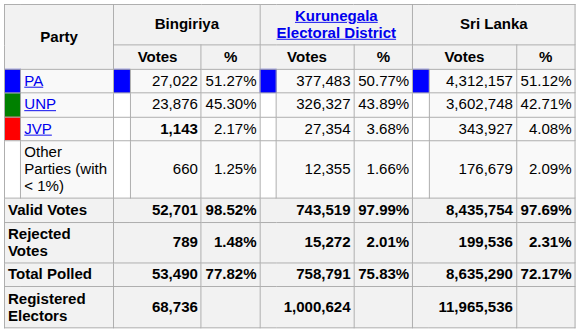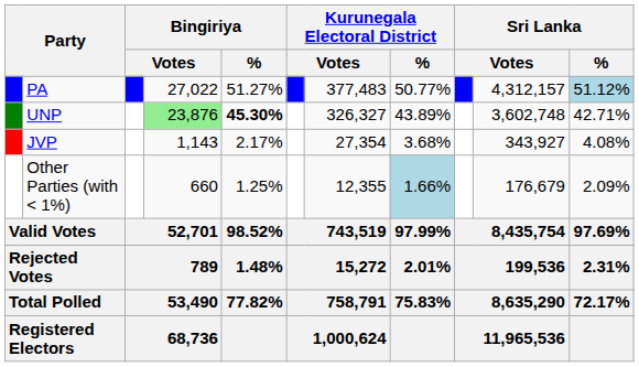 <table class="wikitable">
 <tr>
 <th colspan="2" width="144px"rowspan="2">Party</th>
 <th colspan="3" width="216px">Bingiriya</th>
 <th colspan="3" width="216px"><a href='#'>Kurunegala Electoral District</a></th>
 <th colspan="3" width="216px">Sri Lanka</th>
 </tr>
 <tr>
 <th colspan="2" width="144px">Votes</th>
 <th>%</th>
 <th colspan="2" width="144px">Votes</th>
 <th>%</th>
 <th colspan="2" width="144px">Votes</th>
 <th>%</th>
 </tr>
 <tr>
 <td style="background-color:blue;" width="10px"></td>
 <td style="text-align:left;"><a href='#'>PA</a></td>
 <td style="background-color:blue;" width="10px"></td>
 <td style="text-align:right;">27,022</td>
 <td style="text-align:right;">51.27%</td>
 <td style="background-color:blue;" width="10px"></td>
 <td style="text-align:right;">377,483</td>
 <td style="text-align:right;">50.77%</td>
 <td style="background-color:blue;" width="10px"></td>
 <td style="text-align:right;">4,312,157</td>
-<td style="text-align:right;">51.12%</td>
+<td style="background: lightblue; text-align:right;">51.12%</td>
 </tr>
 <tr>
 <td style="background-color:green;" width="10px"></td>
 <td style="text-align:left;"><a href='#'>UNP</a></td>
 <td style="background-color:white;" width="10px"></td>
-<td style="text-align:right;">23,876</td>
-<td style="text-align:right;">45.30%</td>
+<td style="background: lightgreen; text-align:right;">23,876</td>
+<td style="text-align:right;"><strong>45.30%</strong></td>
 <td style="background-color:white;" width="10px"></td>
 <td style="text-align:right;">326,327</td>
 <td style="text-align:right;">43.89%</td>
 <td style="background-color:white;" width="10px"></td>
 <td style="text-align:right;">3,602,748</td>
 <td style="text-align:right;">42.71%</td>
 </tr>
 <tr>
 <td style="background-color:red;" width="10px"></td>
 <td style="text-align:left;"><a href='#'>JVP</a></td>
 <td style="background-color:white;" width="10px"></td>
-<td style="text-align:right;"><strong>1,143</strong></td>
+<td style="text-align:right;">1,143</td>
 <td style="text-align:right;">2.17%</td>
 <td style="background-color:white;" width="10px"></td>
 <td style="text-align:right;">27,354</td>
 <td style="text-align:right;">3.68%</td>
 <td style="background-color:white;" width="10px"></td>
 <td style="text-align:right;">343,927</td>
 <td style="text-align:right;">4.08%</td>
 </tr>
 <tr>
 <td style="background-color:white;" width="10px"></td>
 <td style="text-align:left;">Other Parties (with < 1%)</td>
 <td style="background-color:white;" width="10px"></td>
 <td style="text-align:right;">660</td>
 <td style="text-align:right;">1.25%</td>
 <td style="background-color:white;" width="10px"></td>
 <td style="text-align:right;">12,355</td>
-<td style="text-align:right;">1.66%</td>
+<td style="background: lightblue; text-align:right;">1.66%</td>
 <td style="background-color:white;" width="10px"></td>
 <td style="text-align:right;">176,679</td>
 <td style="text-align:right;">2.09%</td>
 </tr>
 <tr>
 <th colspan="2" width="144px"style="text-align:left;">Valid Votes</th>
 <th style="text-align:right;"colspan="2" width="144px">52,701</th>
 <th style="text-align:right;">98.52%</th>
 <th style="text-align:right;"colspan="2" width="144px">743,519</th>
 <th style="text-align:right;">97.99%</th>
 <th style="text-align:right;"colspan="2" width="144px">8,435,754</th>
 <th style="text-align:right;">97.69%</th>
 </tr>
 <tr>
 <th colspan="2" width="144px"style="text-align:left;">Rejected Votes</th>
 <th style="text-align:right;"colspan="2" width="144px">789</th>
 <th style="text-align:right;">1.48%</th>
 <th style="text-align:right;"colspan="2" width="144px">15,272</th>
 <th style="text-align:right;">2.01%</th>
 <th style="text-align:right;"colspan="2" width="144px">199,536</th>
 <th style="text-align:right;">2.31%</th>
 </tr>
 <tr>
 <th colspan="2" width="144px"style="text-align:left;">Total Polled</th>
 <th style="text-align:right;"colspan="2" width="144px">53,490</th>
 <th style="text-align:right;">77.82%</th>
 <th style="text-align:right;"colspan="2" width="144px">758,791</th>
 <th style="text-align:right;">75.83%</th>
 <th style="text-align:right;"colspan="2" width="144px">8,635,290</th>
 <th style="text-align:right;">72.17%</th>
 </tr>
 <tr>
 <th colspan="2" width="144px"style="text-align:left;">Registered Electors</th>
 <th style="text-align:right;"colspan="2" width="144px">68,736</th>
 <th></th>
 <th style="text-align:right;"colspan="2" width="144px">1,000,624</th>
 <th></th>
 <th style="text-align:right;"colspan="2" width="144px">11,965,536</th>
 <th></th>
 </tr>
 </table>
